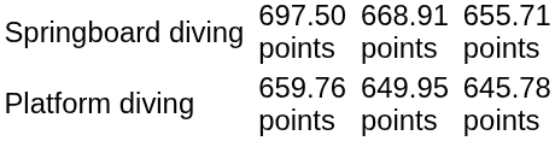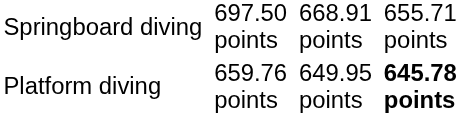 <table>
 <tr>
 <td>Springboard diving</td>
 <td></td>
 <td>697.50 <br>  points</td>
 <td></td>
 <td>668.91 <br> points</td>
 <td></td>
 <td>655.71 <br> points</td>
 </tr>
 <tr>
 <td>Platform diving</td>
 <td></td>
 <td>659.76 <br> points</td>
 <td></td>
 <td>649.95 <br> points</td>
 <td></td>
-<td>645.78 <br> points</td>
+<td><strong>645.78 <br> points</strong></td>
 </tr>
 </table>
